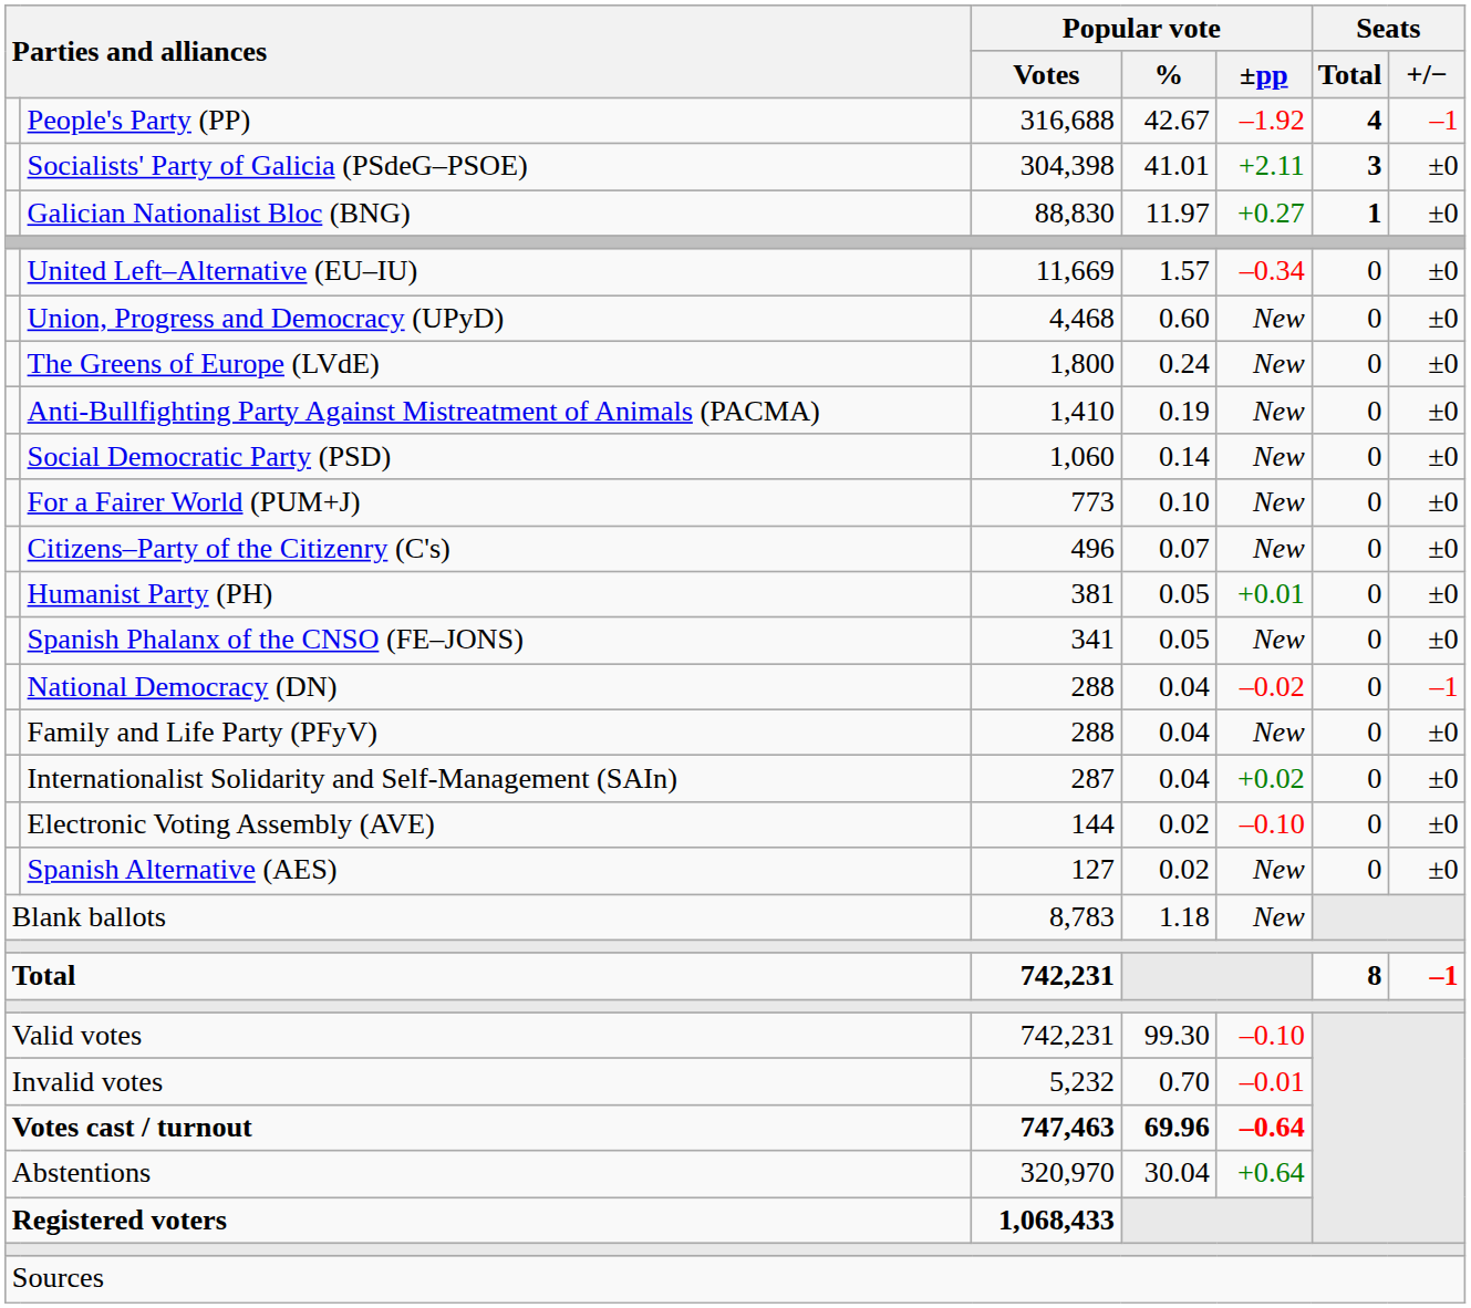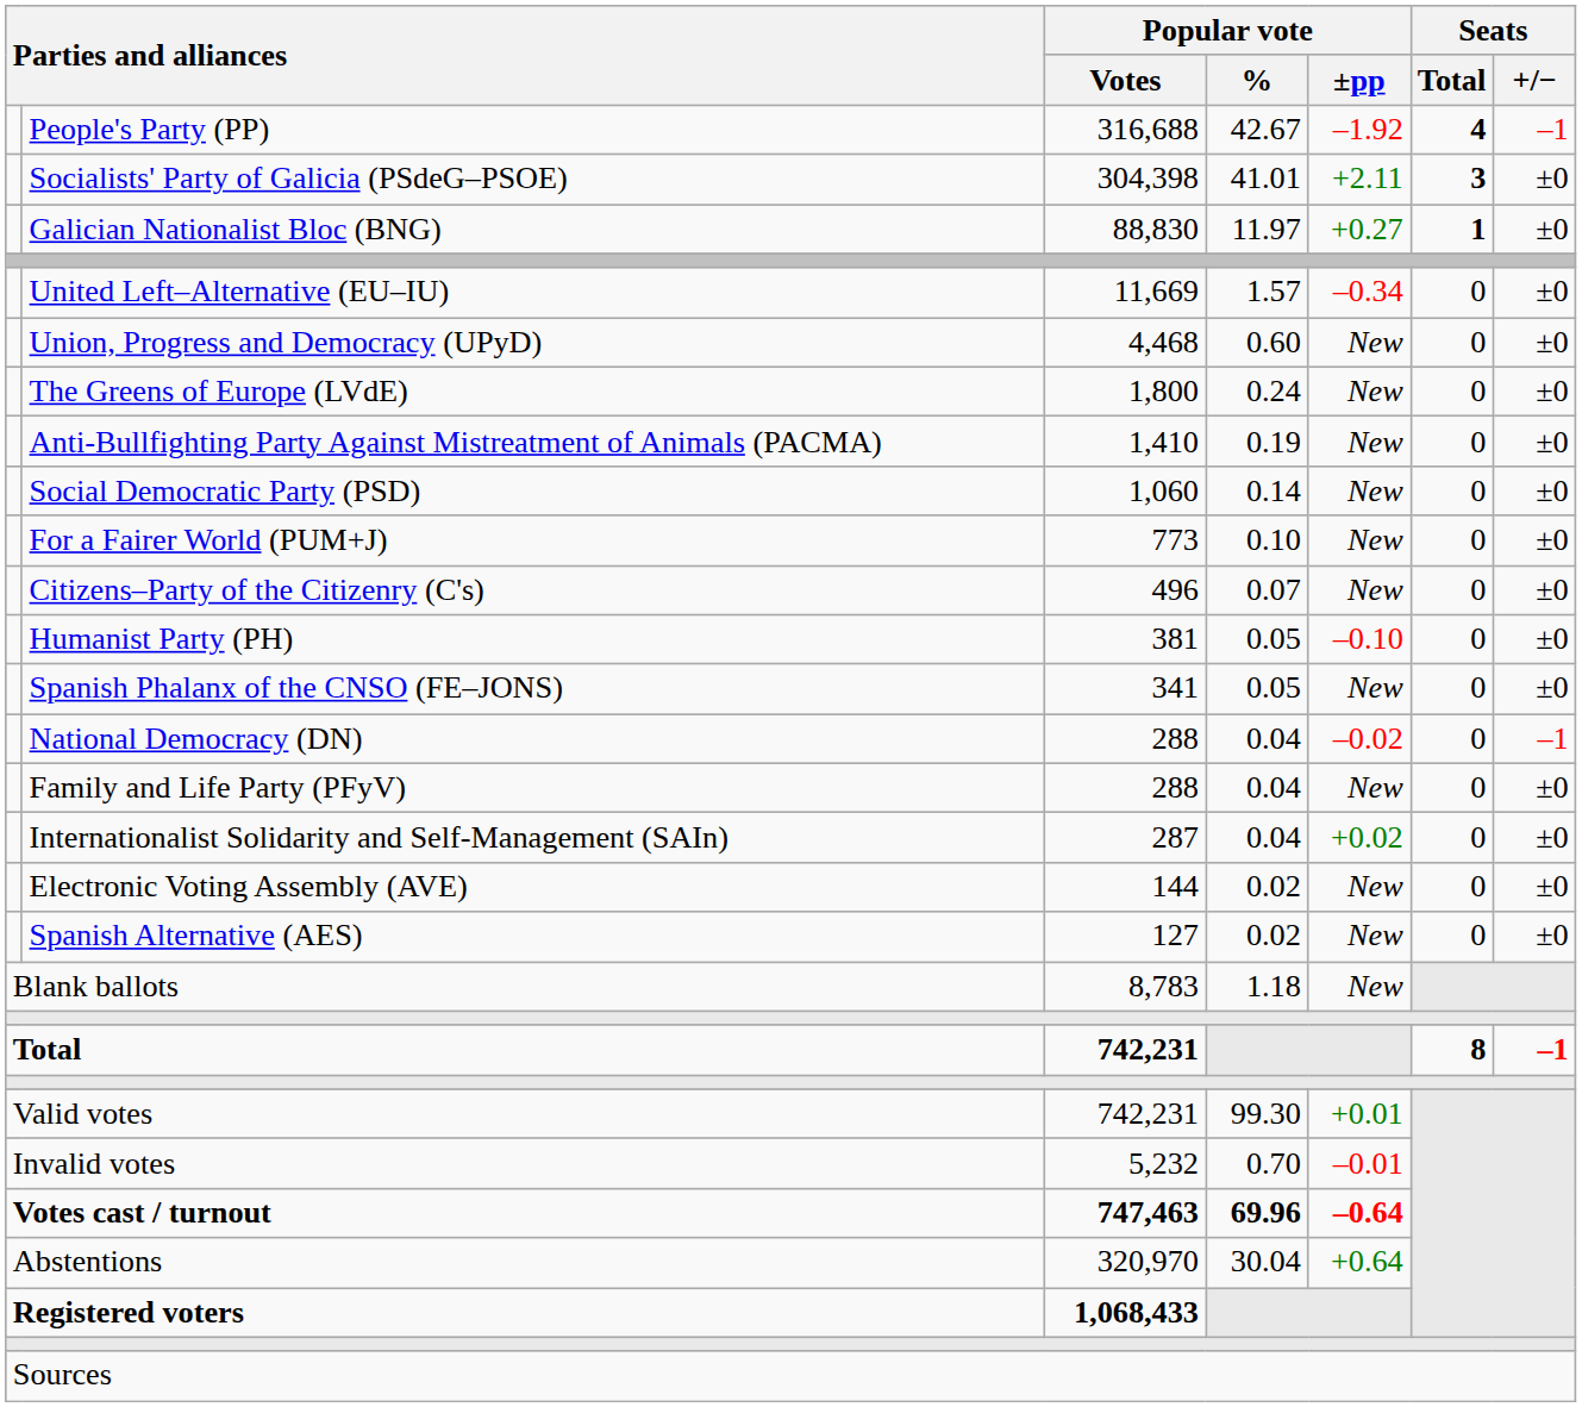 <table class="wikitable" style="text-align:right;">
 <tr>
 <th style="text-align:left;" rowspan="2" colspan="2" width="525">Parties and alliances</th>
 <th colspan="3">Popular vote</th>
 <th colspan="2">Seats</th>
 </tr>
 <tr>
 <th width="75">Votes</th>
 <th width="45">%</th>
 <th width="45">±<a href='#'>pp</a></th>
 <th width="35">Total</th>
 <th width="35">+/−</th>
 </tr>
 <tr>
 <td width="1" style="color:inherit;background:"></td>
 <td align="left"><a href='#'>People's Party</a> (PP)</td>
 <td>316,688</td>
 <td>42.67</td>
 <td style="color:red;">–1.92</td>
 <td><strong>4</strong></td>
 <td style="color:red;">–1</td>
 </tr>
 <tr>
 <td style="color:inherit;background:"></td>
 <td align="left"><a href='#'>Socialists' Party of Galicia</a> (PSdeG–PSOE)</td>
 <td>304,398</td>
 <td>41.01</td>
 <td style="color:green;">+2.11</td>
 <td><strong>3</strong></td>
 <td>±0</td>
 </tr>
 <tr>
 <td style="color:inherit;background:"></td>
 <td align="left"><a href='#'>Galician Nationalist Bloc</a> (BNG)</td>
 <td>88,830</td>
 <td>11.97</td>
 <td style="color:green;">+0.27</td>
 <td><strong>1</strong></td>
 <td>±0</td>
 </tr>
 <tr>
 <td colspan="7" bgcolor="#C0C0C0"></td>
 </tr>
 <tr>
 <td style="color:inherit;background:"></td>
 <td align="left"><a href='#'>United Left–Alternative</a> (EU–IU)</td>
 <td>11,669</td>
 <td>1.57</td>
 <td style="color:red;">–0.34</td>
 <td>0</td>
 <td>±0</td>
 </tr>
 <tr>
 <td style="color:inherit;background:"></td>
 <td align="left"><a href='#'>Union, Progress and Democracy</a> (UPyD)</td>
 <td>4,468</td>
 <td>0.60</td>
 <td><em>New</em></td>
 <td>0</td>
 <td>±0</td>
 </tr>
 <tr>
 <td style="color:inherit;background:"></td>
 <td align="left"><a href='#'>The Greens of Europe</a> (LVdE)</td>
 <td>1,800</td>
 <td>0.24</td>
 <td><em>New</em></td>
 <td>0</td>
 <td>±0</td>
 </tr>
 <tr>
 <td style="color:inherit;background:"></td>
 <td align="left"><a href='#'>Anti-Bullfighting Party Against Mistreatment of Animals</a> (PACMA)</td>
 <td>1,410</td>
 <td>0.19</td>
 <td><em>New</em></td>
 <td>0</td>
 <td>±0</td>
 </tr>
 <tr>
 <td style="color:inherit;background:"></td>
 <td align="left"><a href='#'>Social Democratic Party</a> (PSD)</td>
 <td>1,060</td>
 <td>0.14</td>
 <td><em>New</em></td>
 <td>0</td>
 <td>±0</td>
 </tr>
 <tr>
 <td style="color:inherit;background:"></td>
 <td align="left"><a href='#'>For a Fairer World</a> (PUM+J)</td>
 <td>773</td>
 <td>0.10</td>
 <td><em>New</em></td>
 <td>0</td>
 <td>±0</td>
 </tr>
 <tr>
 <td style="color:inherit;background:"></td>
 <td align="left"><a href='#'>Citizens–Party of the Citizenry</a> (C's)</td>
 <td>496</td>
 <td>0.07</td>
 <td><em>New</em></td>
 <td>0</td>
 <td>±0</td>
 </tr>
 <tr>
 <td style="color:inherit;background:"></td>
 <td align="left"><a href='#'>Humanist Party</a> (PH)</td>
 <td>381</td>
 <td>0.05</td>
-<td style="color:green;">+0.01</td>
+<td style="color:red;">–0.10</td>
 <td>0</td>
 <td>±0</td>
 </tr>
 <tr>
 <td style="color:inherit;background:"></td>
 <td align="left"><a href='#'>Spanish Phalanx of the CNSO</a> (FE–JONS)</td>
 <td>341</td>
 <td>0.05</td>
 <td><em>New</em></td>
 <td>0</td>
 <td>±0</td>
 </tr>
 <tr>
 <td style="color:inherit;background:"></td>
 <td align="left"><a href='#'>National Democracy</a> (DN)</td>
 <td>288</td>
 <td>0.04</td>
 <td style="color:red;">–0.02</td>
 <td>0</td>
 <td style="color:red;">–1</td>
 </tr>
 <tr>
 <td style="color:inherit;background:"></td>
 <td align="left">Family and Life Party (PFyV)</td>
 <td>288</td>
 <td>0.04</td>
 <td><em>New</em></td>
 <td>0</td>
 <td>±0</td>
 </tr>
 <tr>
 <td style="color:inherit;background:"></td>
 <td align="left">Internationalist Solidarity and Self-Management (SAIn)</td>
 <td>287</td>
 <td>0.04</td>
 <td style="color:green;">+0.02</td>
 <td>0</td>
 <td>±0</td>
 </tr>
 <tr>
 <td style="color:inherit;background:"></td>
 <td align="left">Electronic Voting Assembly (AVE)</td>
 <td>144</td>
 <td>0.02</td>
-<td style="color:red;">–0.10</td>
+<td><em>New</em></td>
 <td>0</td>
 <td>±0</td>
 </tr>
 <tr>
 <td style="color:inherit;background:"></td>
 <td align="left"><a href='#'>Spanish Alternative</a> (AES)</td>
 <td>127</td>
 <td>0.02</td>
 <td><em>New</em></td>
 <td>0</td>
 <td>±0</td>
 </tr>
 <tr>
 <td align="left" colspan="2">Blank ballots</td>
 <td>8,783</td>
 <td>1.18</td>
 <td><em>New</em></td>
 <td bgcolor="#E9E9E9" colspan="2"></td>
 </tr>
 <tr>
 <td colspan="7" bgcolor="#E9E9E9"></td>
 </tr>
 <tr style="font-weight:bold;">
 <td align="left" colspan="2">Total</td>
 <td>742,231</td>
 <td bgcolor="#E9E9E9" colspan="2"></td>
 <td>8</td>
 <td style="color:red;">–1</td>
 </tr>
 <tr>
 <td colspan="7" bgcolor="#E9E9E9"></td>
 </tr>
 <tr>
 <td align="left" colspan="2">Valid votes</td>
 <td>742,231</td>
 <td>99.30</td>
-<td style="color:red;">–0.10</td>
+<td style="color:green;">+0.01</td>
 <td bgcolor="#E9E9E9" colspan="2" rowspan="5"></td>
 </tr>
 <tr>
 <td align="left" colspan="2">Invalid votes</td>
 <td>5,232</td>
 <td>0.70</td>
 <td style="color:red;">–0.01</td>
 </tr>
 <tr style="font-weight:bold;">
 <td align="left" colspan="2">Votes cast / turnout</td>
 <td>747,463</td>
 <td>69.96</td>
 <td style="color:red;">–0.64</td>
 </tr>
 <tr>
 <td align="left" colspan="2">Abstentions</td>
 <td>320,970</td>
 <td>30.04</td>
 <td style="color:green;">+0.64</td>
 </tr>
 <tr style="font-weight:bold;">
 <td align="left" colspan="2">Registered voters</td>
 <td>1,068,433</td>
 <td bgcolor="#E9E9E9" colspan="2"></td>
 </tr>
 <tr>
 <td colspan="7" bgcolor="#E9E9E9"></td>
 </tr>
 <tr>
 <td align="left" colspan="7">Sources</td>
 </tr>
 </table>
